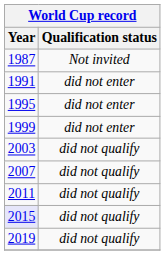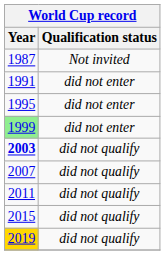 <table class=wikitable style="text-align: center; font-size: 87%;">
 <tr>
 <th colspan=8><a href='#'>World Cup record</a></th>
 </tr>
 <tr>
 <th>Year</th>
 <th>Qualification status</th>
 </tr>
 <tr>
 <td> <a href='#'>1987</a></td>
 <td colspan=7><em>Not invited</em></td>
 </tr>
 <tr>
 <td> <a href='#'>1991</a></td>
 <td colspan=7><em>did not enter</em></td>
 </tr>
 <tr>
 <td> <a href='#'>1995</a></td>
 <td colspan=7><em>did not enter</em></td>
 </tr>
 <tr>
-<td> <a href='#'>1999</a></td>
+<td style="background: lightgreen;"> <a href='#'>1999</a></td>
 <td colspan=7><em>did not enter</em></td>
 </tr>
 <tr>
-<td> <a href='#'>2003</a></td>
+<td><strong> <a href='#'>2003</a></strong></td>
 <td colspan=7><em>did not qualify</em></td>
 </tr>
 <tr>
 <td> <a href='#'>2007</a></td>
 <td colspan=7><em>did not qualify</em></td>
 </tr>
 <tr>
 <td> <a href='#'>2011</a></td>
 <td colspan=7><em>did not qualify</em></td>
 </tr>
 <tr>
-<td style="background: lavender;"> <a href='#'>2015</a></td>
+<td> <a href='#'>2015</a></td>
 <td colspan=7><em>did not qualify</em></td>
 </tr>
 <tr>
-<td> <a href='#'>2019</a></td>
+<td style="background: gold;"> <a href='#'>2019</a></td>
 <td colspan=7><em>did not qualify</em></td>
 </tr>
 <tr>
 </tr>
 </table>
